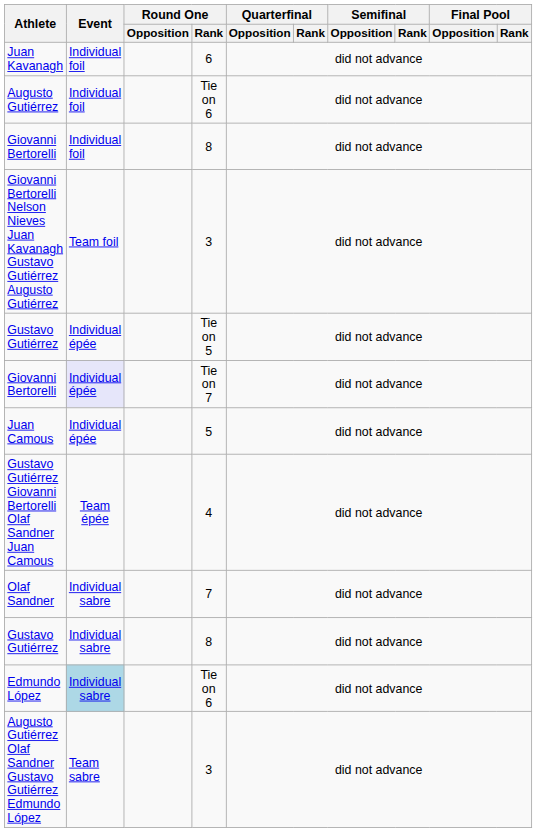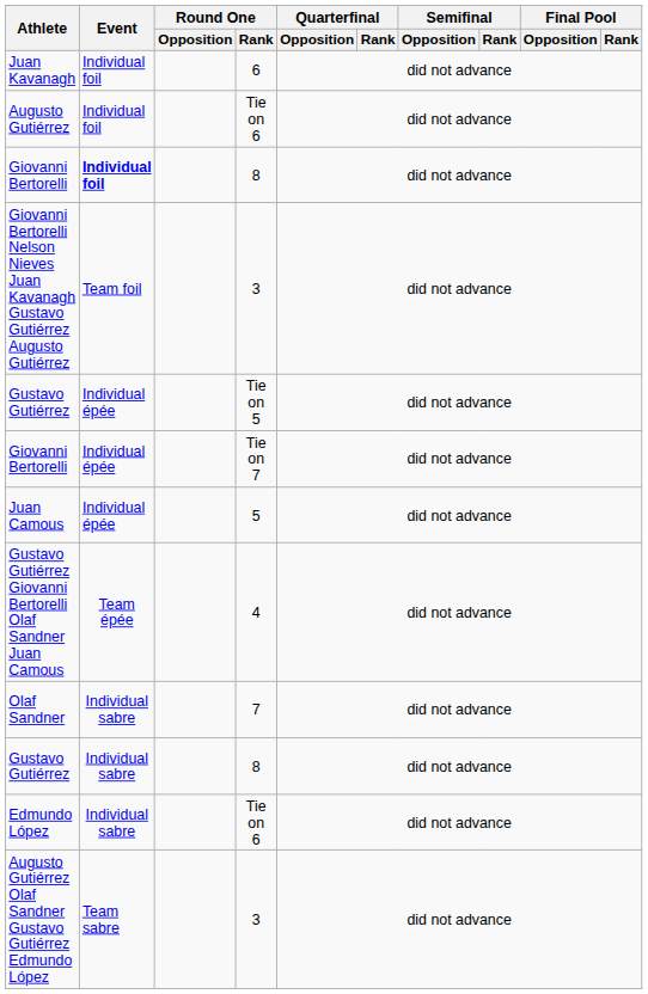 <table class="wikitable" style="text-align:left; font-size:90%">
 <tr>
 <th rowspan="2">Athlete</th>
 <th rowspan="2">Event</th>
 <th colspan=2>Round One</th>
 <th colspan=2>Quarterfinal</th>
 <th colspan=2>Semifinal</th>
 <th colspan=2>Final Pool</th>
 </tr>
 <tr style="font-size:95%">
 <th>Opposition</th>
 <th>Rank</th>
 <th>Opposition</th>
 <th>Rank</th>
 <th>Opposition</th>
 <th>Rank</th>
 <th>Opposition</th>
 <th>Rank</th>
 </tr>
 <tr align=center>
 <td align=left><a href='#'>Juan Kavanagh</a></td>
 <td align=left><a href='#'>Individual foil</a></td>
 <td> <br> <br> </td>
 <td>6</td>
 <td colspan=6>did not advance</td>
 </tr>
 <tr align=center>
 <td align=left><a href='#'>Augusto Gutiérrez</a></td>
 <td align=left><a href='#'>Individual foil</a></td>
 <td> <br> <br> </td>
 <td>Tie<br>on<br>6</td>
 <td colspan=6>did not advance</td>
 </tr>
 <tr align=center>
 <td align=left><a href='#'>Giovanni Bertorelli</a></td>
-<td align=left><a href='#'>Individual foil</a></td>
+<td align=left><strong><a href='#'>Individual foil</a></strong></td>
 <td> <br> <br> <br></td>
 <td>8</td>
 <td colspan=6>did not advance</td>
 </tr>
 <tr align=center>
 <td align=left><a href='#'>Giovanni Bertorelli</a><br><a href='#'>Nelson Nieves</a><br><a href='#'>Juan Kavanagh</a><br><a href='#'>Gustavo Gutiérrez</a><br><a href='#'>Augusto Gutiérrez</a></td>
 <td align=left><a href='#'>Team foil</a></td>
 <td><br></td>
 <td>3</td>
 <td colspan=6>did not advance</td>
 </tr>
 <tr align=center>
 <td align=left><a href='#'>Gustavo Gutiérrez</a></td>
 <td align=left><a href='#'>Individual épée</a></td>
 <td> <br> <br> <br></td>
 <td>Tie<br>on<br>5</td>
 <td colspan=6>did not advance</td>
 </tr>
 <tr align=center>
 <td align=left><a href='#'>Giovanni Bertorelli</a></td>
-<td align=left style="background: lavender;"><a href='#'>Individual épée</a></td>
+<td align=left><a href='#'>Individual épée</a></td>
 <td> <br> <br> <br></td>
 <td>Tie<br>on<br>7</td>
 <td colspan=6>did not advance</td>
 </tr>
 <tr align=center>
 <td align=left><a href='#'>Juan Camous</a></td>
 <td align=left><a href='#'>Individual épée</a></td>
 <td> <br> <br> <br></td>
 <td>5</td>
 <td colspan=6>did not advance</td>
 </tr>
 <tr align=center>
 <td align=left><a href='#'>Gustavo Gutiérrez</a><br><a href='#'>Giovanni Bertorelli</a><br><a href='#'>Olaf Sandner</a><br><a href='#'>Juan Camous</a></td>
 <td><a href='#'>Team épée</a></td>
 <td><br><br></td>
 <td>4</td>
 <td colspan=6>did not advance</td>
 </tr>
 <tr align=center>
 <td align=left><a href='#'>Olaf Sandner</a></td>
 <td><a href='#'>Individual sabre</a></td>
 <td> <br> <br> <br></td>
 <td>7</td>
 <td colspan=6>did not advance</td>
 </tr>
 <tr align=center>
 <td align=left><a href='#'>Gustavo Gutiérrez</a></td>
 <td><a href='#'>Individual sabre</a></td>
 <td> <br> <br> <br></td>
 <td>8</td>
 <td colspan=6>did not advance</td>
 </tr>
 <tr align=center>
 <td align=left><a href='#'>Edmundo López</a></td>
-<td style="background: lightblue;"><a href='#'>Individual sabre</a></td>
+<td><a href='#'>Individual sabre</a></td>
 <td> <br> <br> <br></td>
 <td>Tie<br>on<br>6</td>
 <td colspan=6>did not advance</td>
 </tr>
 <tr align=center>
 <td align=left><a href='#'>Augusto Gutiérrez</a><br><a href='#'>Olaf Sandner</a><br><a href='#'>Gustavo Gutiérrez</a><br><a href='#'>Edmundo López</a></td>
 <td align=left><a href='#'>Team sabre</a></td>
 <td><br></td>
 <td>3</td>
 <td colspan=6>did not advance</td>
 </tr>
 </table>
